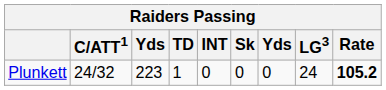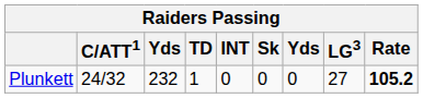 <table class="wikitable">
 <tr>
 <th colspan="9">Raiders Passing</th>
 </tr>
 <tr>
 <th></th>
 <th>C/ATT<sup>1</sup></th>
 <th>Yds</th>
 <th>TD</th>
 <th>INT</th>
 <th>Sk</th>
 <th>Yds</th>
 <th>LG<sup>3</sup></th>
 <th>Rate</th>
 </tr>
 <tr>
 <td><a href='#'>Plunkett</a></td>
 <td>24/32</td>
-<td>223</td>
+<td>232</td>
 <td>1</td>
 <td>0</td>
 <td>0</td>
 <td>0</td>
-<td>24</td>
+<td>27</td>
 <td><strong>105.2</strong></td>
 </tr>
 </table>
